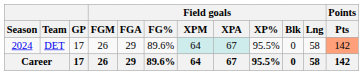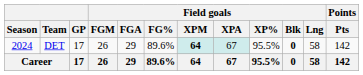 <table class="wikitable" style="text-align:center;">
 <tr>
 <th colspan=3></th>
 <th colspan=8>Field goals</th>
 <th>Points</th>
 </tr>
 <tr>
 <th>Season</th>
 <th>Team</th>
 <th>GP</th>
 <th>FGM</th>
 <th>FGA</th>
 <th>FG%</th>
 <th>XPM</th>
 <th>XPA</th>
 <th>XP%</th>
 <th>Blk</th>
 <th>Lng</th>
 <th>Pts</th>
 </tr>
 <tr>
 <td><a href='#'>2024</a></td>
 <td><a href='#'>DET</a></td>
 <td>17</td>
 <td>26</td>
 <td>29</td>
 <td>89.6%</td>
-<td style="background:#cfecec; width:3em;">64</td>
+<td style="background:#cfecec; width:3em;"><strong>64</strong></td>
 <td style="background:#cfecec; width:3em;">67</td>
 <td>95.5%</td>
-<td>0</td>
+<td><strong>0</strong></td>
 <td>58</td>
-<td style="background: lightsalmon;">142</td>
+<td>142</td>
 </tr>
 <tr>
 <th colspan="2">Career</th>
 <th>17</th>
 <th>26</th>
 <th>29</th>
 <th>89.6%</th>
 <th>64</th>
 <th>67</th>
 <th>95.5%</th>
 <th>0</th>
 <th>58</th>
 <th>142</th>
 </tr>
 </table>
